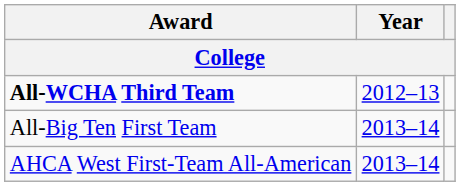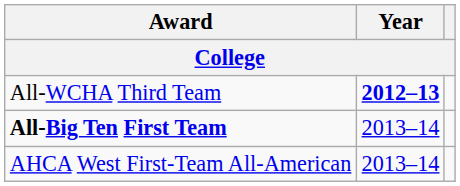 <table class="wikitable">
 <tr>
 <th>Award</th>
 <th>Year</th>
 <th></th>
 </tr>
 <tr>
 <th colspan="3"><a href='#'>College</a></th>
 </tr>
 <tr>
-<td><strong>All-<a href='#'>WCHA</a> <a href='#'>Third Team</a></strong></td>
-<td><a href='#'>2012–13</a></td>
+<td>All-<a href='#'>WCHA</a> <a href='#'>Third Team</a></td>
+<td><strong><a href='#'>2012–13</a></strong></td>
 <td></td>
 </tr>
 <tr>
-<td>All-<a href='#'>Big Ten</a> <a href='#'>First Team</a></td>
+<td><strong>All-<a href='#'>Big Ten</a> <a href='#'>First Team</a></strong></td>
 <td><a href='#'>2013–14</a></td>
 <td></td>
 </tr>
 <tr>
 <td><a href='#'>AHCA</a> <a href='#'>West First-Team All-American</a></td>
 <td><a href='#'>2013–14</a></td>
 <td></td>
 </tr>
 </table>
